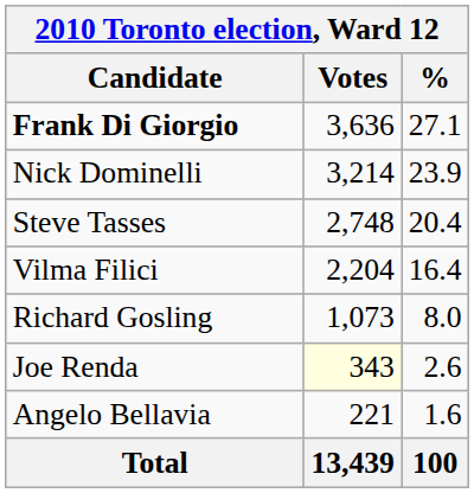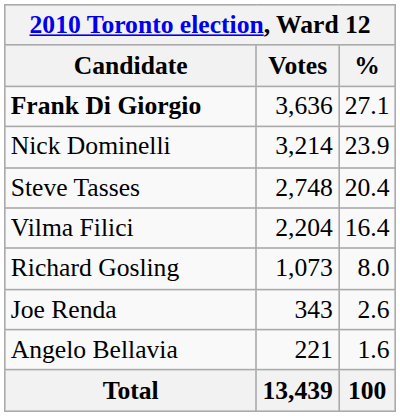 <table class="wikitable">
 <tr>
 <th Colspan="3"><a href='#'>2010 Toronto election</a>, Ward 12</th>
 </tr>
 <tr>
 <th width="150px">Candidate</th>
 <th>Votes</th>
 <th>%</th>
 </tr>
 <tr>
 <td><strong>Frank Di Giorgio</strong></td>
 <td align=right>3,636</td>
 <td align=right>27.1</td>
 </tr>
 <tr>
 <td>Nick Dominelli</td>
 <td align=right>3,214</td>
 <td align=right>23.9</td>
 </tr>
 <tr>
 <td>Steve Tasses</td>
 <td align=right>2,748</td>
 <td align=right>20.4</td>
 </tr>
 <tr>
 <td>Vilma Filici</td>
 <td align=right>2,204</td>
 <td align=right>16.4</td>
 </tr>
 <tr>
 <td>Richard Gosling</td>
 <td align=right>1,073</td>
 <td align=right>8.0</td>
 </tr>
 <tr>
 <td>Joe Renda</td>
-<td align=right style="background: lightyellow;">343</td>
+<td align=right>343</td>
 <td align=right>2.6</td>
 </tr>
 <tr>
 <td>Angelo Bellavia</td>
 <td align=right>221</td>
 <td align=right>1.6</td>
 </tr>
 <tr>
 <th>Total</th>
 <th align=right>13,439</th>
 <th align=right>100</th>
 </tr>
 </table>
